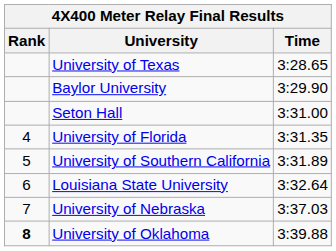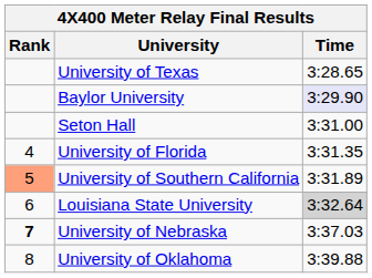 <table class="wikitable sortable" style="text-align:center">
 <tr>
 <th colspan="3">4X400 Meter Relay Final Results</th>
 </tr>
 <tr>
 <th>Rank</th>
 <th>University</th>
 <th>Time</th>
 </tr>
 <tr>
 <td></td>
 <td align=left><a href='#'>University of Texas</a></td>
 <td>3:28.65</td>
 </tr>
 <tr>
 <td></td>
 <td align=left><a href='#'>Baylor University</a></td>
-<td>3:29.90</td>
+<td style="background: lavender;">3:29.90</td>
 </tr>
 <tr>
 <td></td>
 <td align=left><a href='#'>Seton Hall</a></td>
 <td>3:31.00</td>
 </tr>
 <tr>
 <td>4</td>
 <td align=left><a href='#'>University of Florida</a></td>
 <td>3:31.35</td>
 </tr>
 <tr>
-<td>5</td>
+<td style="background: lightsalmon;">5</td>
 <td align=left><a href='#'>University of Southern California</a></td>
 <td>3:31.89</td>
 </tr>
 <tr>
 <td>6</td>
 <td align=left><a href='#'>Louisiana State University</a></td>
-<td>3:32.64</td>
+<td style="background: lightgrey;">3:32.64</td>
 </tr>
 <tr>
-<td>7</td>
+<td><strong>7</strong></td>
 <td align=left><a href='#'>University of Nebraska</a></td>
 <td>3:37.03</td>
 </tr>
 <tr>
-<td><strong>8</strong></td>
+<td>8</td>
 <td align=left><a href='#'>University of Oklahoma</a></td>
 <td>3:39.88</td>
 </tr>
 </table>
